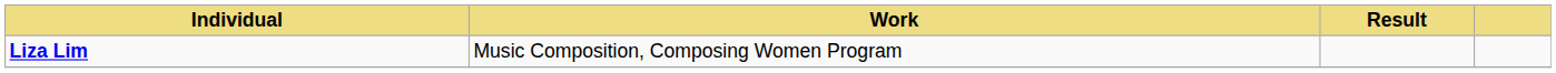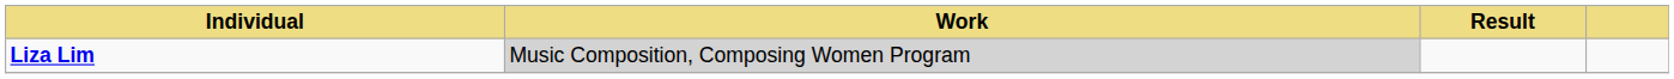 <table class="wikitable" width="100%">
 <tr>
 <th style="width:30%;background:#EEDD82;">Individual</th>
 <th style="width:55%;background:#EEDD82;">Work</th>
 <th style="width:10%;background:#EEDD82;">Result</th>
 <th style="width:5%;background:#EEDD82;"></th>
 </tr>
 <tr>
 <td><strong><a href='#'>Liza Lim</a></strong></td>
-<td>Music Composition, Composing Women Program</td>
+<td style="background: lightgrey;">Music Composition, Composing Women Program</td>
 <td></td>
 <td></td>
 </tr>
 <tr>
 </tr>
 </table>
